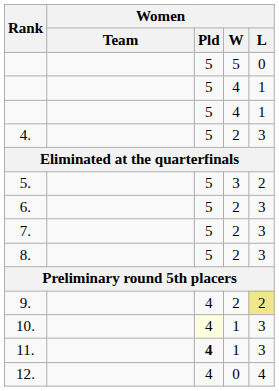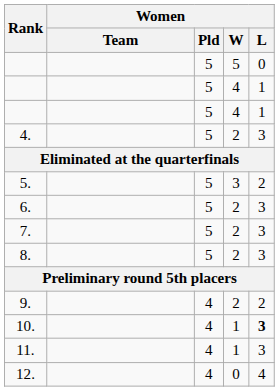 <table class=wikitable>
 <tr>
 <th rowspan=2>Rank</th>
 <th colspan=4>Women</th>
 </tr>
 <tr>
 <th width=150px>Team</th>
 <th width=20px>Pld</th>
 <th width=20px>W</th>
 <th width=20px>L</th>
 </tr>
 <tr align=center>
 <td></td>
 <td align=left></td>
 <td>5</td>
 <td>5</td>
 <td>0</td>
 </tr>
 <tr align=center>
 <td></td>
 <td align=left></td>
 <td>5</td>
 <td>4</td>
 <td>1</td>
 </tr>
 <tr align=center>
 <td></td>
 <td align=left></td>
 <td>5</td>
 <td>4</td>
 <td>1</td>
 </tr>
 <tr align=center>
 <td>4.</td>
 <td align=left></td>
 <td>5</td>
 <td>2</td>
 <td>3</td>
 </tr>
 <tr>
 <th colspan=9>Eliminated at the quarterfinals</th>
 </tr>
 <tr align=center>
 <td>5.</td>
 <td align=left></td>
 <td>5</td>
 <td>3</td>
 <td>2</td>
 </tr>
 <tr align=center>
 <td>6.</td>
 <td align=left></td>
 <td>5</td>
 <td>2</td>
 <td>3</td>
 </tr>
 <tr align=center>
 <td>7.</td>
 <td align=left></td>
 <td>5</td>
 <td>2</td>
 <td>3</td>
 </tr>
 <tr align=center>
 <td>8.</td>
 <td align=left></td>
 <td>5</td>
 <td>2</td>
 <td>3</td>
 </tr>
 <tr>
 <th colspan=9>Preliminary round 5th placers</th>
 </tr>
 <tr align=center>
 <td>9.</td>
 <td align=left></td>
 <td>4</td>
 <td>2</td>
-<td style="background: khaki;">2</td>
+<td>2</td>
 </tr>
 <tr align=center>
 <td>10.</td>
 <td align=left></td>
-<td style="background: lightyellow;">4</td>
+<td>4</td>
 <td>1</td>
-<td>3</td>
+<td><strong>3</strong></td>
 </tr>
 <tr align=center>
 <td>11.</td>
 <td align=left></td>
-<td><strong>4</strong></td>
+<td>4</td>
 <td>1</td>
 <td>3</td>
 </tr>
 <tr align=center>
 <td>12.</td>
 <td align=left></td>
 <td>4</td>
 <td>0</td>
 <td>4</td>
 </tr>
 </table>
